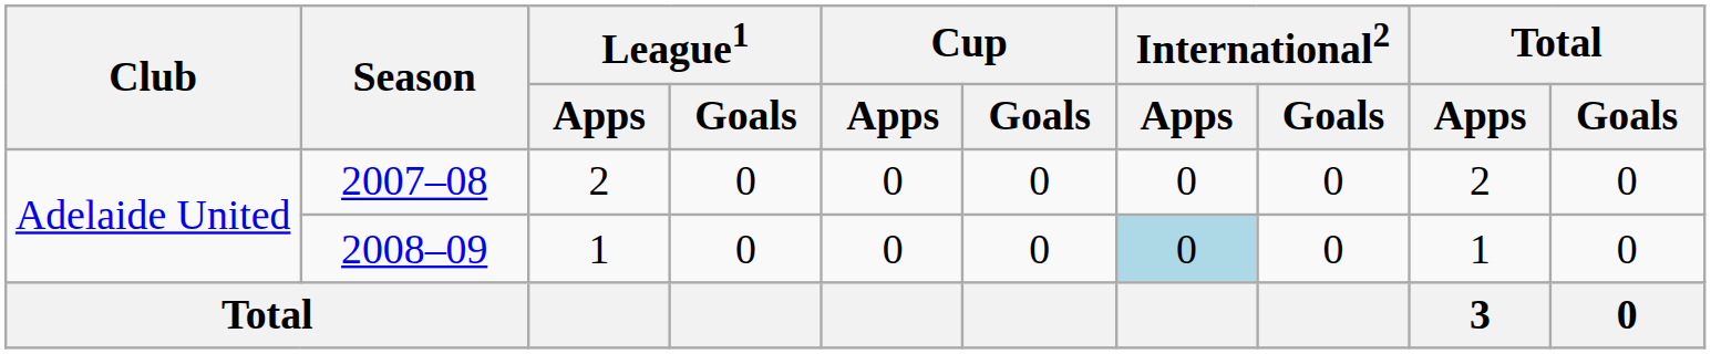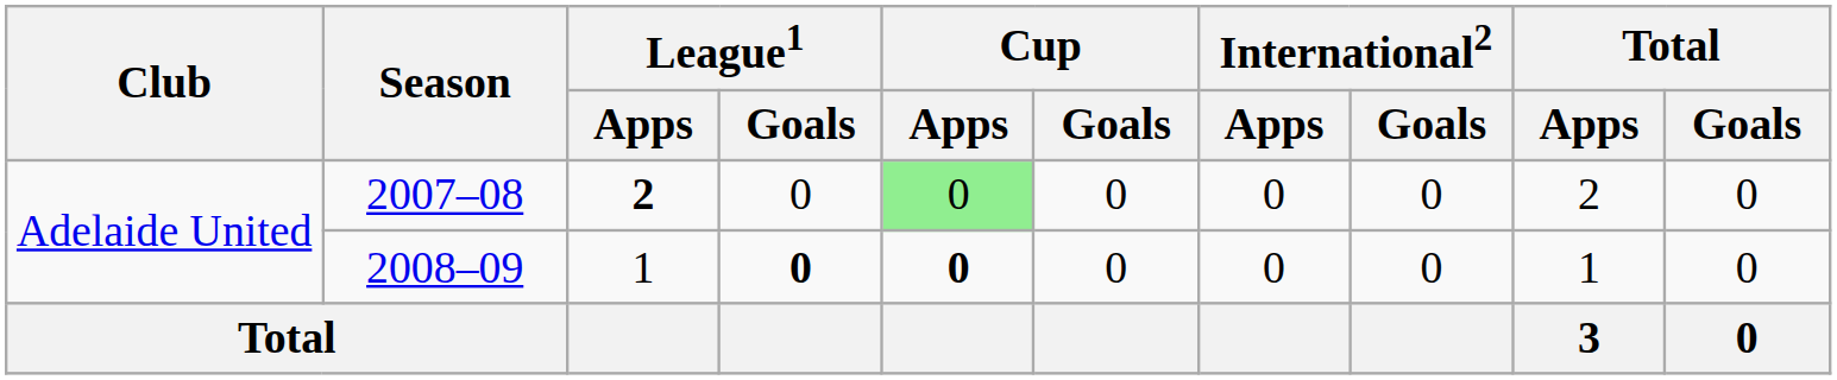 <table class="wikitable" style="text-align: center;">
 <tr>
 <th rowspan="2">Club</th>
 <th rowspan="2" width="80">Season</th>
 <th colspan="2" width="105">League<sup>1</sup></th>
 <th colspan="2" width="105">Cup</th>
 <th colspan="2" width="105">International<sup>2</sup></th>
 <th colspan="2" width="105">Total</th>
 </tr>
 <tr>
 <th>Apps</th>
 <th>Goals</th>
 <th>Apps</th>
 <th>Goals</th>
 <th>Apps</th>
 <th>Goals</th>
 <th>Apps</th>
 <th>Goals</th>
 </tr>
 <tr>
 <td rowspan="2" valign="center"><a href='#'>Adelaide United</a></td>
 <td><a href='#'>2007–08</a></td>
-<td>2</td>
+<td><strong>2</strong></td>
 <td>0</td>
-<td>0</td>
+<td style="background: lightgreen;">0</td>
 <td>0</td>
 <td>0</td>
 <td>0</td>
 <td>2</td>
 <td>0</td>
 </tr>
 <tr>
 <td><a href='#'>2008–09</a></td>
 <td>1</td>
+<td><strong>0</strong></td>
+<td><strong>0</strong></td>
 <td>0</td>
 <td>0</td>
-<td>0</td>
-<td style="background: lightblue;">0</td>
 <td>0</td>
 <td>1</td>
 <td>0</td>
 </tr>
 <tr>
 <th colspan="2">Total</th>
 <th></th>
 <th></th>
 <th></th>
 <th></th>
 <th></th>
 <th></th>
 <th>3</th>
 <th>0</th>
 </tr>
 </table>
